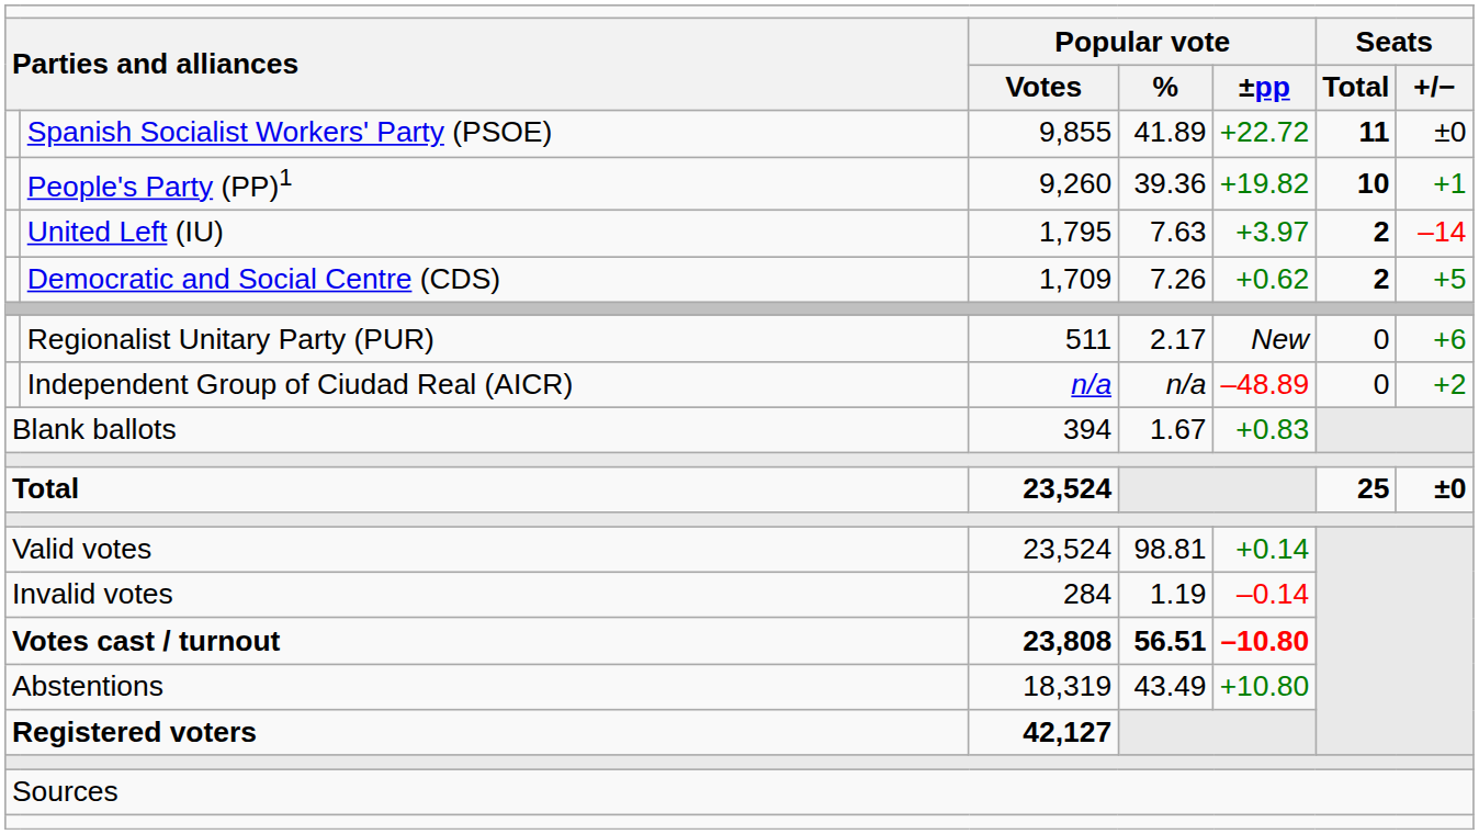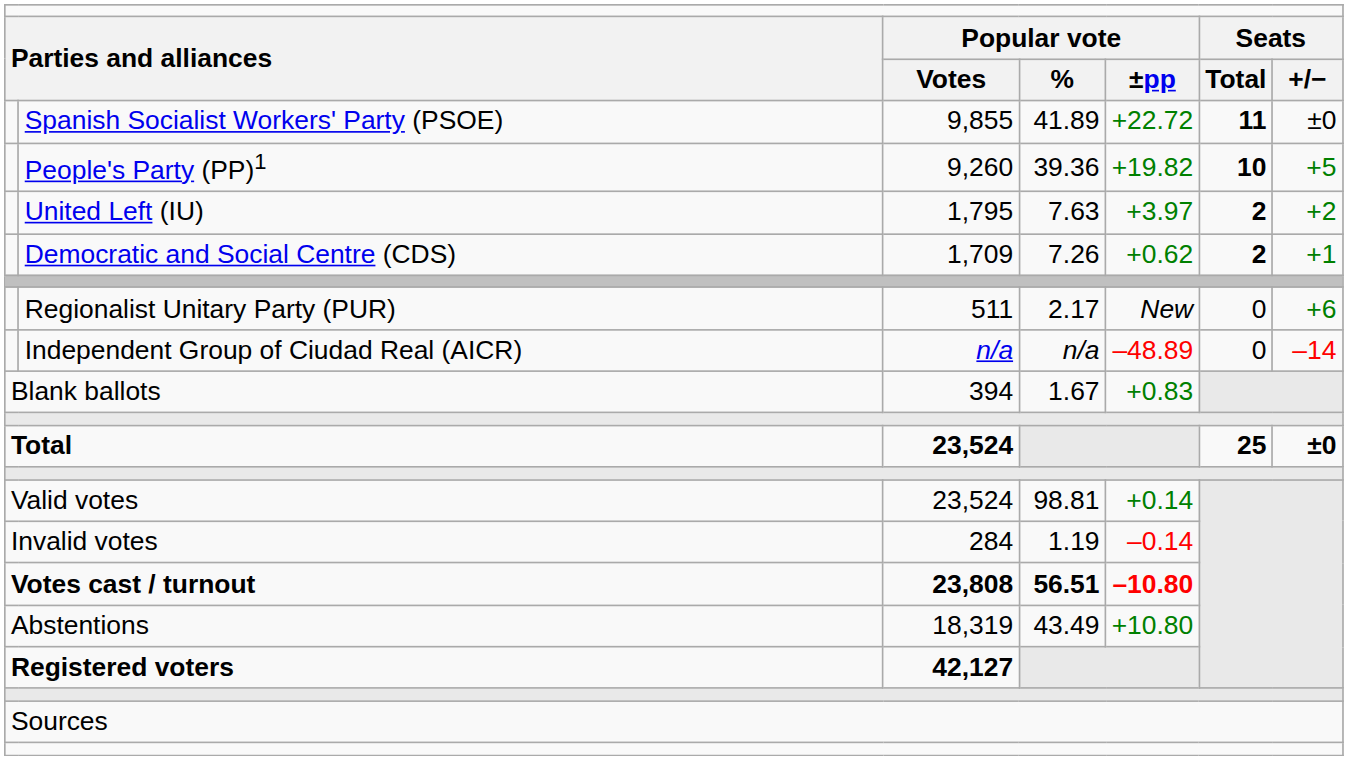 <table class="wikitable" style="text-align:right;">
 <tr>
 <td colspan="7"></td>
 </tr>
 <tr>
 <th style="text-align:left;" rowspan="2" colspan="2" width="525">Parties and alliances</th>
 <th colspan="3">Popular vote</th>
 <th colspan="2">Seats</th>
 </tr>
 <tr>
 <th width="75">Votes</th>
 <th width="45">%</th>
 <th width="45">±<a href='#'>pp</a></th>
 <th width="35">Total</th>
 <th width="35">+/−</th>
 </tr>
 <tr>
 <td width="1" style="color:inherit;background:"></td>
 <td align="left"><a href='#'>Spanish Socialist Workers' Party</a> (PSOE)</td>
 <td>9,855</td>
 <td>41.89</td>
 <td style="color:green;">+22.72</td>
 <td><strong>11</strong></td>
 <td>±0</td>
 </tr>
 <tr>
 <td style="color:inherit;background:"></td>
 <td align="left"><a href='#'>People's Party</a> (PP)<sup>1</sup></td>
 <td>9,260</td>
 <td>39.36</td>
 <td style="color:green;">+19.82</td>
 <td><strong>10</strong></td>
-<td style="color:green;">+1</td>
+<td style="color:green;">+5</td>
 </tr>
 <tr>
 <td style="color:inherit;background:"></td>
 <td align="left"><a href='#'>United Left</a> (IU)</td>
 <td>1,795</td>
 <td>7.63</td>
 <td style="color:green;">+3.97</td>
 <td><strong>2</strong></td>
-<td style="color:red;">–14</td>
+<td style="color:green;">+2</td>
 </tr>
 <tr>
 <td style="color:inherit;background:"></td>
 <td align="left"><a href='#'>Democratic and Social Centre</a> (CDS)</td>
 <td>1,709</td>
 <td>7.26</td>
 <td style="color:green;">+0.62</td>
 <td><strong>2</strong></td>
-<td style="color:green;">+5</td>
+<td style="color:green;">+1</td>
 </tr>
 <tr>
 <td colspan="7" bgcolor="#C0C0C0"></td>
 </tr>
 <tr>
 <td style="color:inherit;background:"></td>
 <td align="left">Regionalist Unitary Party (PUR)</td>
 <td>511</td>
 <td>2.17</td>
 <td><em>New</em></td>
 <td>0</td>
 <td style="color:green;">+6</td>
 </tr>
 <tr>
 <td style="color:inherit;background:"></td>
 <td align="left">Independent Group of Ciudad Real (AICR)</td>
 <td><em><a href='#'>n/a</a></em></td>
 <td><em>n/a</em></td>
 <td style="color:red;">–48.89</td>
 <td>0</td>
-<td style="color:green;">+2</td>
+<td style="color:red;">–14</td>
 </tr>
 <tr>
 <td align="left" colspan="2">Blank ballots</td>
 <td>394</td>
 <td>1.67</td>
 <td style="color:green;">+0.83</td>
 <td bgcolor="#E9E9E9" colspan="2"></td>
 </tr>
 <tr>
 <td colspan="7" bgcolor="#E9E9E9"></td>
 </tr>
 <tr style="font-weight:bold;">
 <td align="left" colspan="2">Total</td>
 <td>23,524</td>
 <td bgcolor="#E9E9E9" colspan="2"></td>
 <td>25</td>
 <td>±0</td>
 </tr>
 <tr>
 <td colspan="7" bgcolor="#E9E9E9"></td>
 </tr>
 <tr>
 <td align="left" colspan="2">Valid votes</td>
 <td>23,524</td>
 <td>98.81</td>
 <td style="color:green;">+0.14</td>
 <td bgcolor="#E9E9E9" colspan="2" rowspan="5"></td>
 </tr>
 <tr>
 <td align="left" colspan="2">Invalid votes</td>
 <td>284</td>
 <td>1.19</td>
 <td style="color:red;">–0.14</td>
 </tr>
 <tr style="font-weight:bold;">
 <td align="left" colspan="2">Votes cast / turnout</td>
 <td>23,808</td>
 <td>56.51</td>
 <td style="color:red;">–10.80</td>
 </tr>
 <tr>
 <td align="left" colspan="2">Abstentions</td>
 <td>18,319</td>
 <td>43.49</td>
 <td style="color:green;">+10.80</td>
 </tr>
 <tr style="font-weight:bold;">
 <td align="left" colspan="2">Registered voters</td>
 <td>42,127</td>
 <td bgcolor="#E9E9E9" colspan="2"></td>
 </tr>
 <tr>
 <td colspan="7" bgcolor="#E9E9E9"></td>
 </tr>
 <tr>
 <td align="left" colspan="7">Sources</td>
 </tr>
 <tr>
 <td colspan="7" style="text-align:left; max-width:790px;"></td>
 </tr>
 </table>
